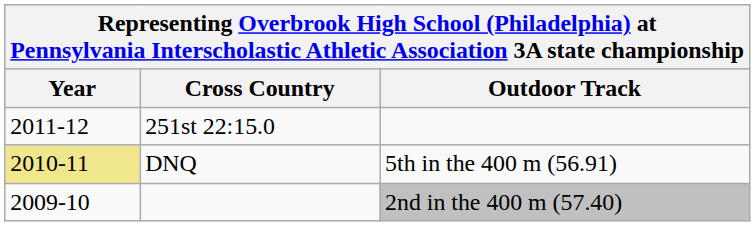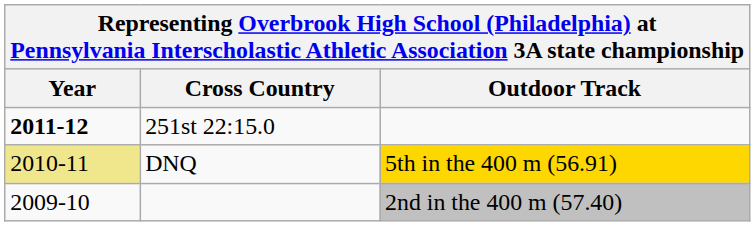 <table class="wikitable sortable">
 <tr>
 <th colspan="7">Representing <a href='#'>Overbrook High School (Philadelphia)</a> at<br><a href='#'>Pennsylvania Interscholastic Athletic Association</a> 3A state championship</th>
 </tr>
 <tr>
 <th>Year</th>
 <th>Cross Country</th>
 <th>Outdoor Track</th>
 </tr>
 <tr>
-<td Rowspan=1>2011-12</td>
+<td Rowspan=1><strong>2011-12</strong></td>
 <td Rowspan=1>251st 22:15.0</td>
 <td></td>
 </tr>
 <tr>
 <td Rowspan=1 style="background: khaki;">2010-11</td>
 <td Rowspan=1>DNQ</td>
-<td>5th in the 400 m (56.91)</td>
+<td style="background: gold;">5th in the 400 m (56.91)</td>
 </tr>
 <tr>
 <td Rowspan=1>2009-10</td>
 <td Rowspan=1></td>
 <td bgcolor=silver>2nd in the 400 m (57.40)</td>
 </tr>
 </table>
